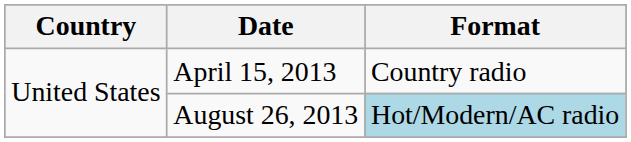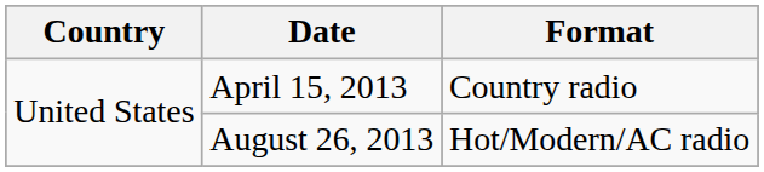 <table class="wikitable plainrowheaders">
 <tr>
 <th scope="col">Country</th>
 <th scope="col">Date</th>
 <th scope="col">Format</th>
 </tr>
 <tr>
 <td rowspan="2">United States</td>
 <td>April 15, 2013</td>
 <td>Country radio</td>
 </tr>
 <tr>
 <td>August 26, 2013</td>
-<td style="background: lightblue;">Hot/Modern/AC radio</td>
+<td>Hot/Modern/AC radio</td>
 </tr>
 </table>
